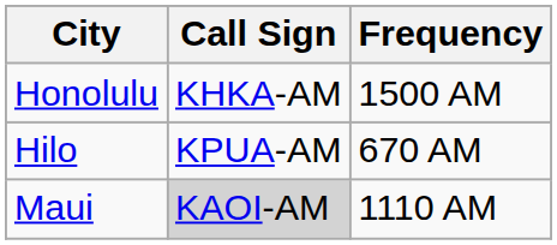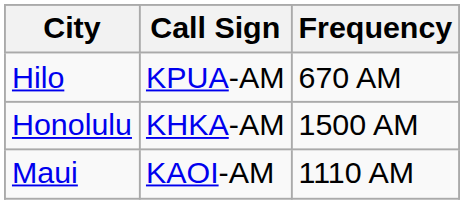 <table class="wikitable">
 <tr>
 <th scope="col">City</th>
 <th scope="col">Call Sign</th>
 <th scope="col">Frequency</th>
 </tr>
 <tr>
+<td><a href='#'>Hilo</a></td>
+<td><a href='#'>KPUA</a>-AM</td>
+<td>670 AM</td>
+</tr>
+<tr>
 <td><a href='#'>Honolulu</a></td>
 <td><a href='#'>KHKA</a>-AM</td>
 <td>1500 AM</td>
 </tr>
 <tr>
-<td><a href='#'>Hilo</a></td>
-<td><a href='#'>KPUA</a>-AM</td>
-<td>670 AM</td>
-</tr>
-<tr>
 <td><a href='#'>Maui</a></td>
-<td style="background: lightgrey;"><a href='#'>KAOI</a>-AM</td>
+<td><a href='#'>KAOI</a>-AM</td>
 <td>1110 AM</td>
 </tr>
 </table>
